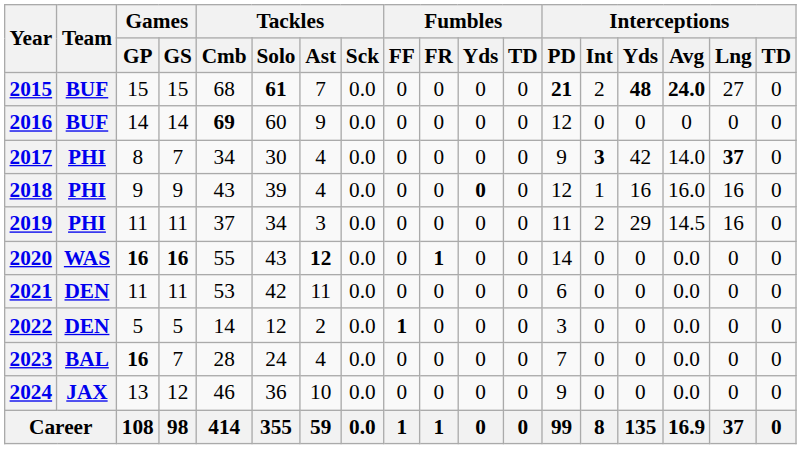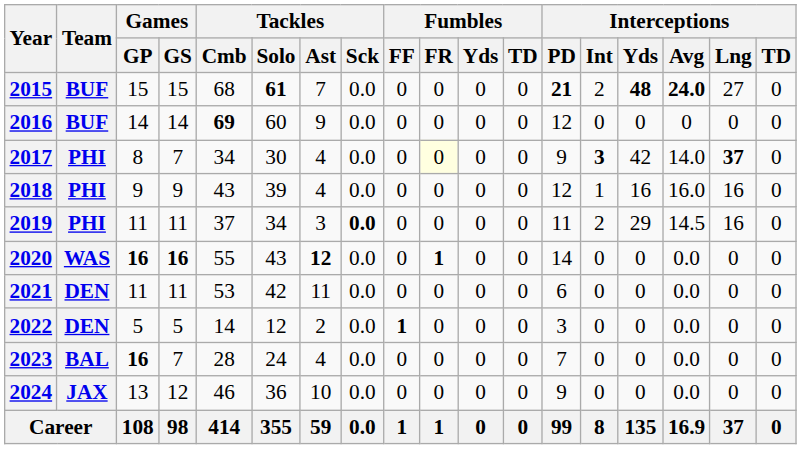 <table class=wikitable style="text-align:center;">
 <tr>
 <th rowspan="2">Year</th>
 <th rowspan="2">Team</th>
 <th colspan="2">Games</th>
 <th colspan="4">Tackles</th>
 <th colspan="4">Fumbles</th>
 <th colspan="6">Interceptions</th>
 </tr>
 <tr>
 <th>GP</th>
 <th>GS</th>
 <th>Cmb</th>
 <th>Solo</th>
 <th>Ast</th>
 <th>Sck</th>
 <th>FF</th>
 <th>FR</th>
 <th>Yds</th>
 <th>TD</th>
 <th>PD</th>
 <th>Int</th>
 <th>Yds</th>
 <th>Avg</th>
 <th>Lng</th>
 <th>TD</th>
 </tr>
 <tr>
 <th><a href='#'>2015</a></th>
 <th><a href='#'>BUF</a></th>
 <td>15</td>
 <td>15</td>
 <td>68</td>
 <td><strong>61</strong></td>
 <td>7</td>
 <td>0.0</td>
 <td>0</td>
 <td>0</td>
 <td>0</td>
 <td>0</td>
 <td><strong>21</strong></td>
 <td>2</td>
 <td><strong>48</strong></td>
 <td><strong>24.0</strong></td>
 <td>27</td>
 <td>0</td>
 </tr>
 <tr>
 <th><a href='#'>2016</a></th>
 <th><a href='#'>BUF</a></th>
 <td>14</td>
 <td>14</td>
 <td><strong>69</strong></td>
 <td>60</td>
 <td>9</td>
 <td>0.0</td>
 <td>0</td>
 <td>0</td>
 <td>0</td>
 <td>0</td>
 <td>12</td>
 <td>0</td>
 <td>0</td>
 <td>0</td>
 <td>0</td>
 <td>0</td>
 </tr>
 <tr>
 <th><a href='#'>2017</a></th>
 <th><a href='#'>PHI</a></th>
 <td>8</td>
 <td>7</td>
 <td>34</td>
 <td>30</td>
 <td>4</td>
 <td>0.0</td>
 <td>0</td>
-<td>0</td>
+<td style="background: lightyellow;">0</td>
 <td>0</td>
 <td>0</td>
 <td>9</td>
 <td><strong>3</strong></td>
 <td>42</td>
 <td>14.0</td>
 <td><strong>37</strong></td>
 <td>0</td>
 </tr>
 <tr>
 <th><a href='#'>2018</a></th>
 <th><a href='#'>PHI</a></th>
 <td>9</td>
 <td>9</td>
 <td>43</td>
 <td>39</td>
 <td>4</td>
 <td>0.0</td>
 <td>0</td>
 <td>0</td>
-<td><strong>0</strong></td>
+<td>0</td>
 <td>0</td>
 <td>12</td>
 <td>1</td>
 <td>16</td>
 <td>16.0</td>
 <td>16</td>
 <td>0</td>
 </tr>
 <tr>
 <th><a href='#'>2019</a></th>
 <th><a href='#'>PHI</a></th>
 <td>11</td>
 <td>11</td>
 <td>37</td>
 <td>34</td>
 <td>3</td>
-<td>0.0</td>
+<td><strong>0.0</strong></td>
 <td>0</td>
 <td>0</td>
 <td>0</td>
 <td>0</td>
 <td>11</td>
 <td>2</td>
 <td>29</td>
 <td>14.5</td>
 <td>16</td>
 <td>0</td>
 </tr>
 <tr>
 <th><a href='#'>2020</a></th>
 <th><a href='#'>WAS</a></th>
 <td><strong>16</strong></td>
 <td><strong>16</strong></td>
 <td>55</td>
 <td>43</td>
 <td><strong>12</strong></td>
 <td>0.0</td>
 <td>0</td>
 <td><strong>1</strong></td>
 <td>0</td>
 <td>0</td>
 <td>14</td>
 <td>0</td>
 <td>0</td>
 <td>0.0</td>
 <td>0</td>
 <td>0</td>
 </tr>
 <tr>
 <th><a href='#'>2021</a></th>
 <th><a href='#'>DEN</a></th>
 <td>11</td>
 <td>11</td>
 <td>53</td>
 <td>42</td>
 <td>11</td>
 <td>0.0</td>
 <td>0</td>
 <td>0</td>
 <td>0</td>
 <td>0</td>
 <td>6</td>
 <td>0</td>
 <td>0</td>
 <td>0.0</td>
 <td>0</td>
 <td>0</td>
 </tr>
 <tr>
 <th><a href='#'>2022</a></th>
 <th><a href='#'>DEN</a></th>
 <td>5</td>
 <td>5</td>
 <td>14</td>
 <td>12</td>
 <td>2</td>
 <td>0.0</td>
 <td><strong>1</strong></td>
 <td>0</td>
 <td>0</td>
 <td>0</td>
 <td>3</td>
 <td>0</td>
 <td>0</td>
 <td>0.0</td>
 <td>0</td>
 <td>0</td>
 </tr>
 <tr>
 <th><a href='#'>2023</a></th>
 <th><a href='#'>BAL</a></th>
 <td><strong>16</strong></td>
 <td>7</td>
 <td>28</td>
 <td>24</td>
 <td>4</td>
 <td>0.0</td>
 <td>0</td>
 <td>0</td>
 <td>0</td>
 <td>0</td>
 <td>7</td>
 <td>0</td>
 <td>0</td>
 <td>0.0</td>
 <td>0</td>
 <td>0</td>
 </tr>
 <tr>
 <th><a href='#'>2024</a></th>
 <th><a href='#'>JAX</a></th>
 <td>13</td>
 <td>12</td>
 <td>46</td>
 <td>36</td>
 <td>10</td>
 <td>0.0</td>
 <td>0</td>
 <td>0</td>
 <td>0</td>
 <td>0</td>
 <td>9</td>
 <td>0</td>
 <td>0</td>
 <td>0.0</td>
 <td>0</td>
 <td>0</td>
 </tr>
 <tr>
 <th colspan="2">Career</th>
 <th>108</th>
 <th>98</th>
 <th>414</th>
 <th>355</th>
 <th>59</th>
 <th>0.0</th>
 <th>1</th>
 <th>1</th>
 <th>0</th>
 <th>0</th>
 <th>99</th>
 <th>8</th>
 <th>135</th>
 <th>16.9</th>
 <th>37</th>
 <th>0</th>
 </tr>
 </table>
